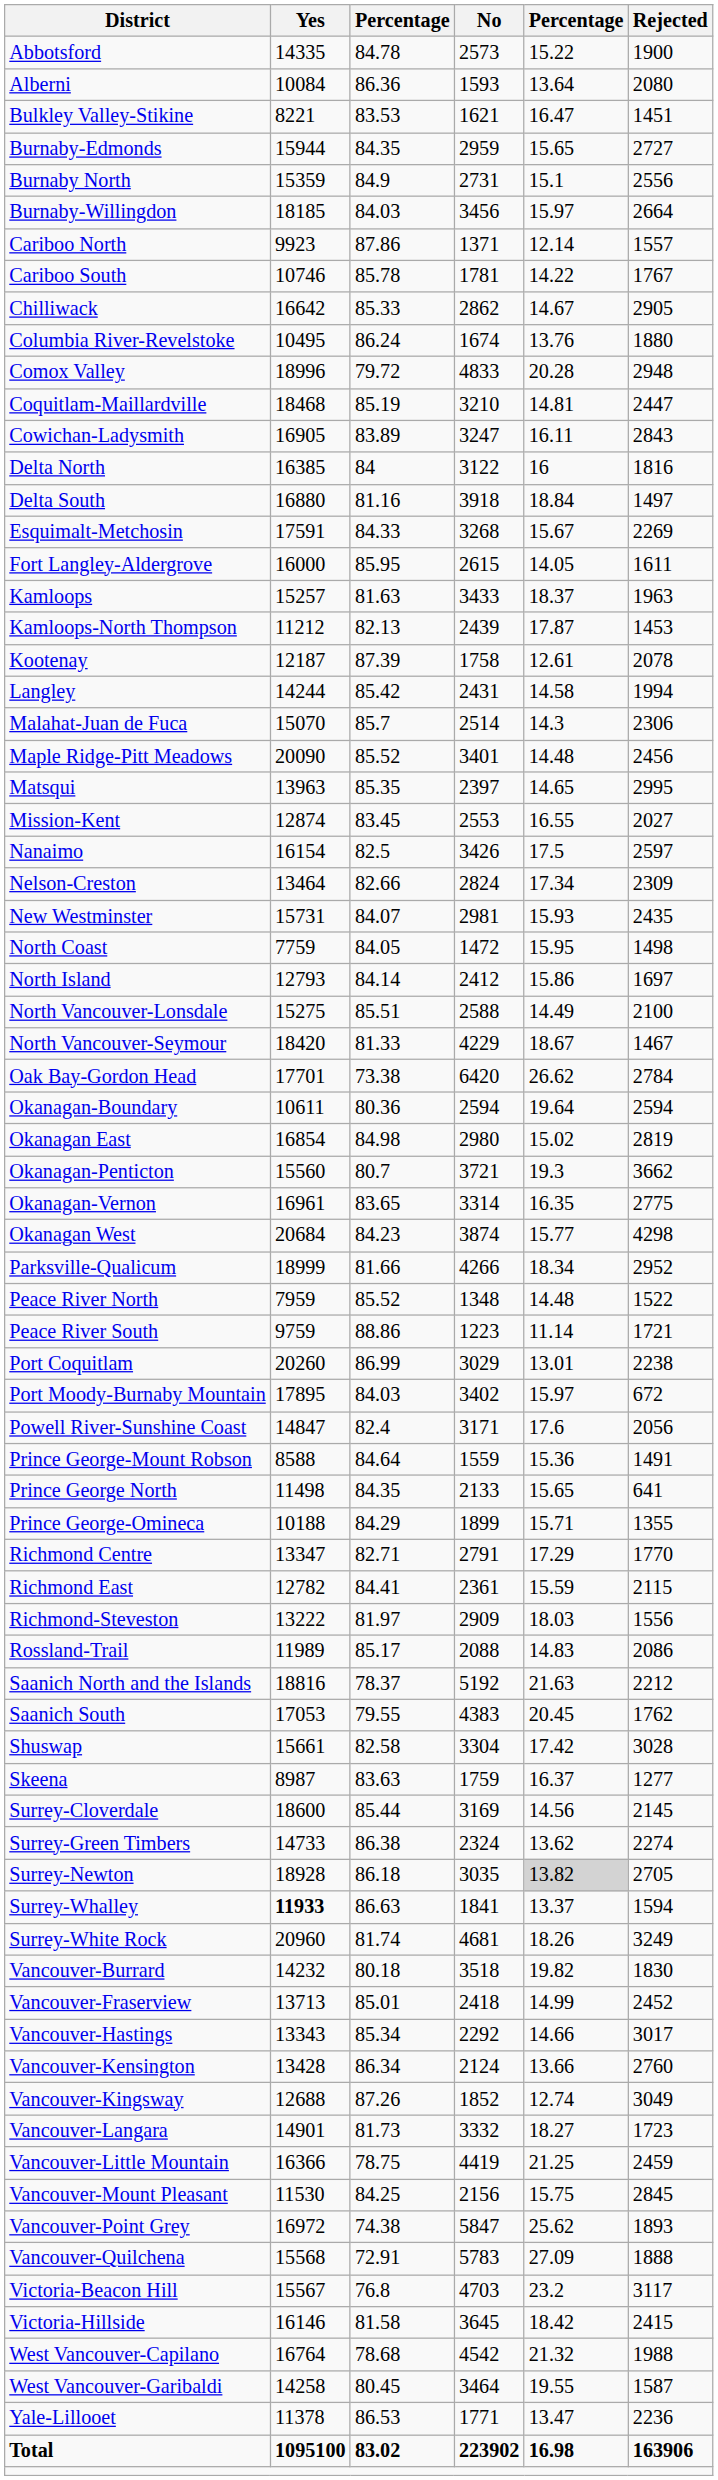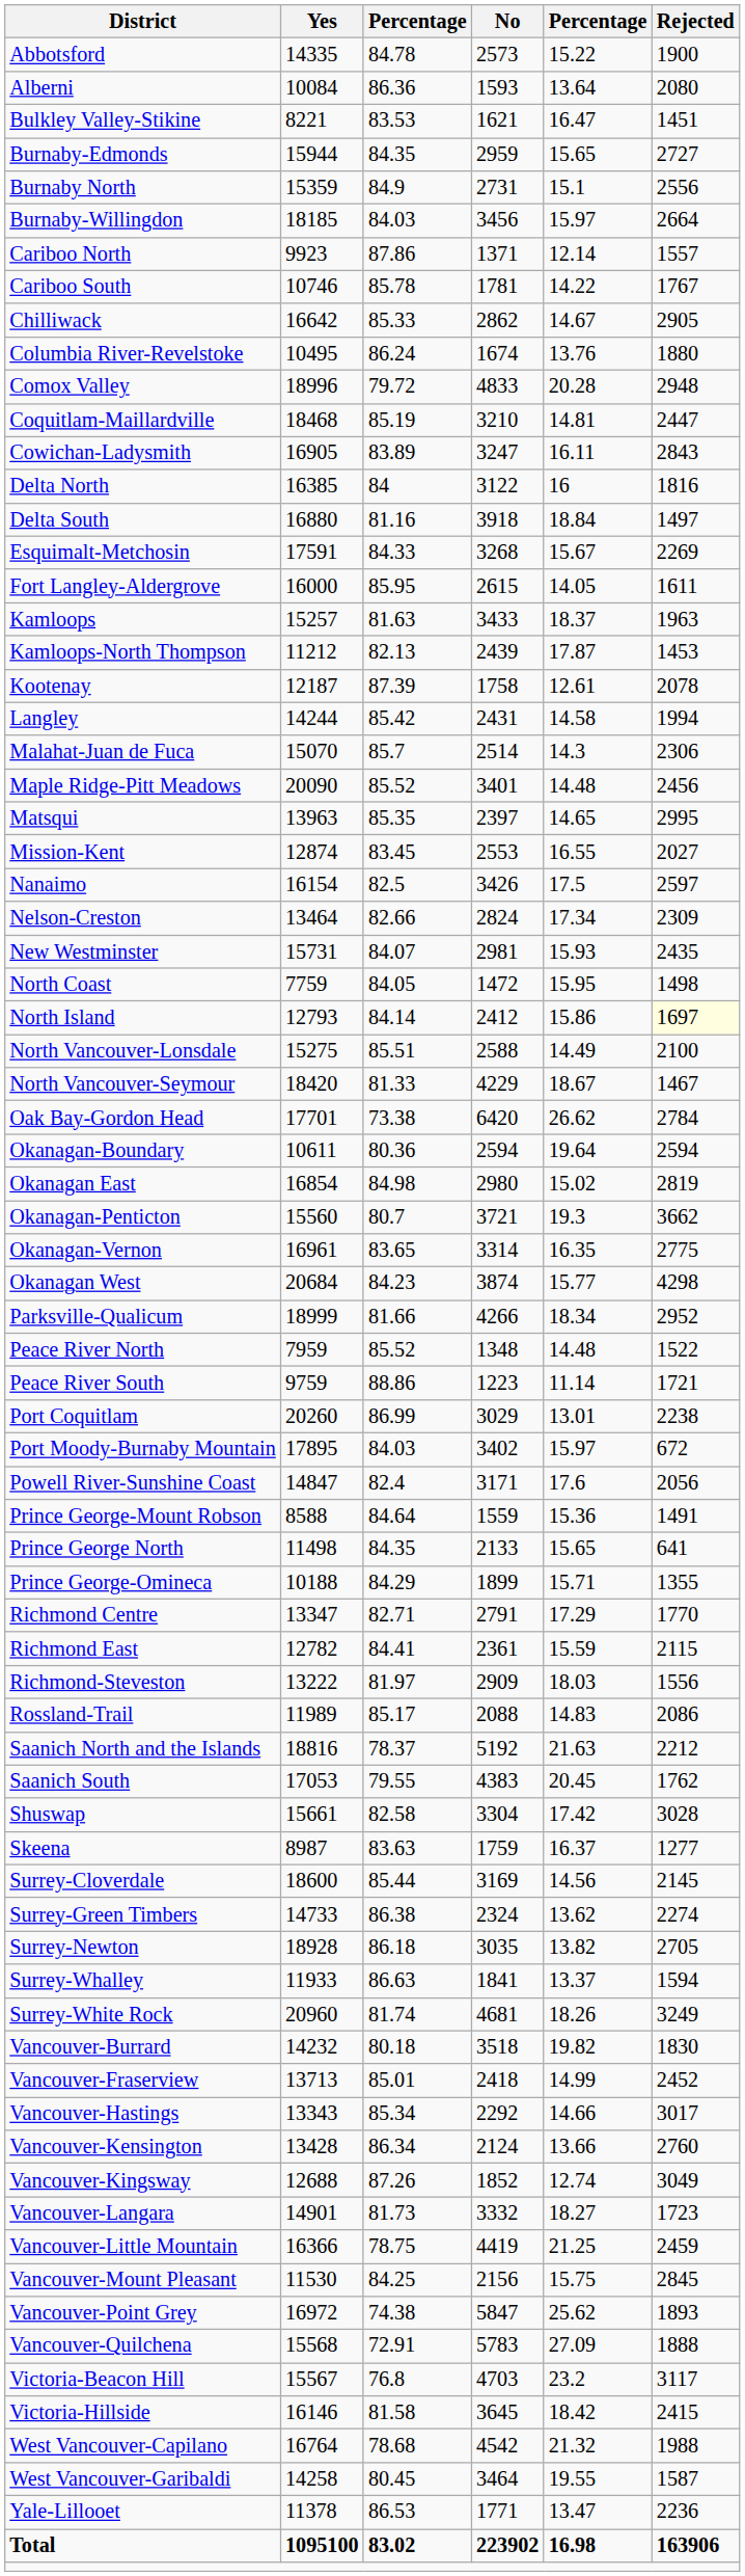 <table class="wikitable">
 <tr>
 <th>District</th>
 <th>Yes</th>
 <th>Percentage</th>
 <th>No</th>
 <th>Percentage</th>
 <th>Rejected</th>
 </tr>
 <tr>
 <td><a href='#'>Abbotsford</a></td>
 <td>14335</td>
 <td>84.78</td>
 <td>2573</td>
 <td>15.22</td>
 <td>1900</td>
 </tr>
 <tr>
 <td><a href='#'>Alberni</a></td>
 <td>10084</td>
 <td>86.36</td>
 <td>1593</td>
 <td>13.64</td>
 <td>2080</td>
 </tr>
 <tr>
 <td><a href='#'>Bulkley Valley-Stikine</a></td>
 <td>8221</td>
 <td>83.53</td>
 <td>1621</td>
 <td>16.47</td>
 <td>1451</td>
 </tr>
 <tr>
 <td><a href='#'>Burnaby-Edmonds</a></td>
 <td>15944</td>
 <td>84.35</td>
 <td>2959</td>
 <td>15.65</td>
 <td>2727</td>
 </tr>
 <tr>
 <td><a href='#'>Burnaby North</a></td>
 <td>15359</td>
 <td>84.9</td>
 <td>2731</td>
 <td>15.1</td>
 <td>2556</td>
 </tr>
 <tr>
 <td><a href='#'>Burnaby-Willingdon</a></td>
 <td>18185</td>
 <td>84.03</td>
 <td>3456</td>
 <td>15.97</td>
 <td>2664</td>
 </tr>
 <tr>
 <td><a href='#'>Cariboo North</a></td>
 <td>9923</td>
 <td>87.86</td>
 <td>1371</td>
 <td>12.14</td>
 <td>1557</td>
 </tr>
 <tr>
 <td><a href='#'>Cariboo South</a></td>
 <td>10746</td>
 <td>85.78</td>
 <td>1781</td>
 <td>14.22</td>
 <td>1767</td>
 </tr>
 <tr>
 <td><a href='#'>Chilliwack</a></td>
 <td>16642</td>
 <td>85.33</td>
 <td>2862</td>
 <td>14.67</td>
 <td>2905</td>
 </tr>
 <tr>
 <td><a href='#'>Columbia River-Revelstoke</a></td>
 <td>10495</td>
 <td>86.24</td>
 <td>1674</td>
 <td>13.76</td>
 <td>1880</td>
 </tr>
 <tr>
 <td><a href='#'>Comox Valley</a></td>
 <td>18996</td>
 <td>79.72</td>
 <td>4833</td>
 <td>20.28</td>
 <td>2948</td>
 </tr>
 <tr>
 <td><a href='#'>Coquitlam-Maillardville</a></td>
 <td>18468</td>
 <td>85.19</td>
 <td>3210</td>
 <td>14.81</td>
 <td>2447</td>
 </tr>
 <tr>
 <td><a href='#'>Cowichan-Ladysmith</a></td>
 <td>16905</td>
 <td>83.89</td>
 <td>3247</td>
 <td>16.11</td>
 <td>2843</td>
 </tr>
 <tr>
 <td><a href='#'>Delta North</a></td>
 <td>16385</td>
 <td>84</td>
 <td>3122</td>
 <td>16</td>
 <td>1816</td>
 </tr>
 <tr>
 <td><a href='#'>Delta South</a></td>
 <td>16880</td>
 <td>81.16</td>
 <td>3918</td>
 <td>18.84</td>
 <td>1497</td>
 </tr>
 <tr>
 <td><a href='#'>Esquimalt-Metchosin</a></td>
 <td>17591</td>
 <td>84.33</td>
 <td>3268</td>
 <td>15.67</td>
 <td>2269</td>
 </tr>
 <tr>
 <td><a href='#'>Fort Langley-Aldergrove</a></td>
 <td>16000</td>
 <td>85.95</td>
 <td>2615</td>
 <td>14.05</td>
 <td>1611</td>
 </tr>
 <tr>
 <td><a href='#'>Kamloops</a></td>
 <td>15257</td>
 <td>81.63</td>
 <td>3433</td>
 <td>18.37</td>
 <td>1963</td>
 </tr>
 <tr>
 <td><a href='#'>Kamloops-North Thompson</a></td>
 <td>11212</td>
 <td>82.13</td>
 <td>2439</td>
 <td>17.87</td>
 <td>1453</td>
 </tr>
 <tr>
 <td><a href='#'>Kootenay</a></td>
 <td>12187</td>
 <td>87.39</td>
 <td>1758</td>
 <td>12.61</td>
 <td>2078</td>
 </tr>
 <tr>
 <td><a href='#'>Langley</a></td>
 <td>14244</td>
 <td>85.42</td>
 <td>2431</td>
 <td>14.58</td>
 <td>1994</td>
 </tr>
 <tr>
 <td><a href='#'>Malahat-Juan de Fuca</a></td>
 <td>15070</td>
 <td>85.7</td>
 <td>2514</td>
 <td>14.3</td>
 <td>2306</td>
 </tr>
 <tr>
 <td><a href='#'>Maple Ridge-Pitt Meadows</a></td>
 <td>20090</td>
 <td>85.52</td>
 <td>3401</td>
 <td>14.48</td>
 <td>2456</td>
 </tr>
 <tr>
 <td><a href='#'>Matsqui</a></td>
 <td>13963</td>
 <td>85.35</td>
 <td>2397</td>
 <td>14.65</td>
 <td>2995</td>
 </tr>
 <tr>
 <td><a href='#'>Mission-Kent</a></td>
 <td>12874</td>
 <td>83.45</td>
 <td>2553</td>
 <td>16.55</td>
 <td>2027</td>
 </tr>
 <tr>
 <td><a href='#'>Nanaimo</a></td>
 <td>16154</td>
 <td>82.5</td>
 <td>3426</td>
 <td>17.5</td>
 <td>2597</td>
 </tr>
 <tr>
 <td><a href='#'>Nelson-Creston</a></td>
 <td>13464</td>
 <td>82.66</td>
 <td>2824</td>
 <td>17.34</td>
 <td>2309</td>
 </tr>
 <tr>
 <td><a href='#'>New Westminster</a></td>
 <td>15731</td>
 <td>84.07</td>
 <td>2981</td>
 <td>15.93</td>
 <td>2435</td>
 </tr>
 <tr>
 <td><a href='#'>North Coast</a></td>
 <td>7759</td>
 <td>84.05</td>
 <td>1472</td>
 <td>15.95</td>
 <td>1498</td>
 </tr>
 <tr>
 <td><a href='#'>North Island</a></td>
 <td>12793</td>
 <td>84.14</td>
 <td>2412</td>
 <td>15.86</td>
-<td>1697</td>
+<td style="background: lightyellow;">1697</td>
 </tr>
 <tr>
 <td><a href='#'>North Vancouver-Lonsdale</a></td>
 <td>15275</td>
 <td>85.51</td>
 <td>2588</td>
 <td>14.49</td>
 <td>2100</td>
 </tr>
 <tr>
 <td><a href='#'>North Vancouver-Seymour</a></td>
 <td>18420</td>
 <td>81.33</td>
 <td>4229</td>
 <td>18.67</td>
 <td>1467</td>
 </tr>
 <tr>
 <td><a href='#'>Oak Bay-Gordon Head</a></td>
 <td>17701</td>
 <td>73.38</td>
 <td>6420</td>
 <td>26.62</td>
 <td>2784</td>
 </tr>
 <tr>
 <td><a href='#'>Okanagan-Boundary</a></td>
 <td>10611</td>
 <td>80.36</td>
 <td>2594</td>
 <td>19.64</td>
 <td>2594</td>
 </tr>
 <tr>
 <td><a href='#'>Okanagan East</a></td>
 <td>16854</td>
 <td>84.98</td>
 <td>2980</td>
 <td>15.02</td>
 <td>2819</td>
 </tr>
 <tr>
 <td><a href='#'>Okanagan-Penticton</a></td>
 <td>15560</td>
 <td>80.7</td>
 <td>3721</td>
 <td>19.3</td>
 <td>3662</td>
 </tr>
 <tr>
 <td><a href='#'>Okanagan-Vernon</a></td>
 <td>16961</td>
 <td>83.65</td>
 <td>3314</td>
 <td>16.35</td>
 <td>2775</td>
 </tr>
 <tr>
 <td><a href='#'>Okanagan West</a></td>
 <td>20684</td>
 <td>84.23</td>
 <td>3874</td>
 <td>15.77</td>
 <td>4298</td>
 </tr>
 <tr>
 <td><a href='#'>Parksville-Qualicum</a></td>
 <td>18999</td>
 <td>81.66</td>
 <td>4266</td>
 <td>18.34</td>
 <td>2952</td>
 </tr>
 <tr>
 <td><a href='#'>Peace River North</a></td>
 <td>7959</td>
 <td>85.52</td>
 <td>1348</td>
 <td>14.48</td>
 <td>1522</td>
 </tr>
 <tr>
 <td><a href='#'>Peace River South</a></td>
 <td>9759</td>
 <td>88.86</td>
 <td>1223</td>
 <td>11.14</td>
 <td>1721</td>
 </tr>
 <tr>
 <td><a href='#'>Port Coquitlam</a></td>
 <td>20260</td>
 <td>86.99</td>
 <td>3029</td>
 <td>13.01</td>
 <td>2238</td>
 </tr>
 <tr>
 <td><a href='#'>Port Moody-Burnaby Mountain</a></td>
 <td>17895</td>
 <td>84.03</td>
 <td>3402</td>
 <td>15.97</td>
 <td>672</td>
 </tr>
 <tr>
 <td><a href='#'>Powell River-Sunshine Coast</a></td>
 <td>14847</td>
 <td>82.4</td>
 <td>3171</td>
 <td>17.6</td>
 <td>2056</td>
 </tr>
 <tr>
 <td><a href='#'>Prince George-Mount Robson</a></td>
 <td>8588</td>
 <td>84.64</td>
 <td>1559</td>
 <td>15.36</td>
 <td>1491</td>
 </tr>
 <tr>
 <td><a href='#'>Prince George North</a></td>
 <td>11498</td>
 <td>84.35</td>
 <td>2133</td>
 <td>15.65</td>
 <td>641</td>
 </tr>
 <tr>
 <td><a href='#'>Prince George-Omineca</a></td>
 <td>10188</td>
 <td>84.29</td>
 <td>1899</td>
 <td>15.71</td>
 <td>1355</td>
 </tr>
 <tr>
 <td><a href='#'>Richmond Centre</a></td>
 <td>13347</td>
 <td>82.71</td>
 <td>2791</td>
 <td>17.29</td>
 <td>1770</td>
 </tr>
 <tr>
 <td><a href='#'>Richmond East</a></td>
 <td>12782</td>
 <td>84.41</td>
 <td>2361</td>
 <td>15.59</td>
 <td>2115</td>
 </tr>
 <tr>
 <td><a href='#'>Richmond-Steveston</a></td>
 <td>13222</td>
 <td>81.97</td>
 <td>2909</td>
 <td>18.03</td>
 <td>1556</td>
 </tr>
 <tr>
 <td><a href='#'>Rossland-Trail</a></td>
 <td>11989</td>
 <td>85.17</td>
 <td>2088</td>
 <td>14.83</td>
 <td>2086</td>
 </tr>
 <tr>
 <td><a href='#'>Saanich North and the Islands</a></td>
 <td>18816</td>
 <td>78.37</td>
 <td>5192</td>
 <td>21.63</td>
 <td>2212</td>
 </tr>
 <tr>
 <td><a href='#'>Saanich South</a></td>
 <td>17053</td>
 <td>79.55</td>
 <td>4383</td>
 <td>20.45</td>
 <td>1762</td>
 </tr>
 <tr>
 <td><a href='#'>Shuswap</a></td>
 <td>15661</td>
 <td>82.58</td>
 <td>3304</td>
 <td>17.42</td>
 <td>3028</td>
 </tr>
 <tr>
 <td><a href='#'>Skeena</a></td>
 <td>8987</td>
 <td>83.63</td>
 <td>1759</td>
 <td>16.37</td>
 <td>1277</td>
 </tr>
 <tr>
 <td><a href='#'>Surrey-Cloverdale</a></td>
 <td>18600</td>
 <td>85.44</td>
 <td>3169</td>
 <td>14.56</td>
 <td>2145</td>
 </tr>
 <tr>
 <td><a href='#'>Surrey-Green Timbers</a></td>
 <td>14733</td>
 <td>86.38</td>
 <td>2324</td>
 <td>13.62</td>
 <td>2274</td>
 </tr>
 <tr>
 <td><a href='#'>Surrey-Newton</a></td>
 <td>18928</td>
 <td>86.18</td>
 <td>3035</td>
-<td style="background: lightgrey;">13.82</td>
+<td>13.82</td>
 <td>2705</td>
 </tr>
 <tr>
 <td><a href='#'>Surrey-Whalley</a></td>
-<td><strong>11933</strong></td>
+<td>11933</td>
 <td>86.63</td>
 <td>1841</td>
 <td>13.37</td>
 <td>1594</td>
 </tr>
 <tr>
 <td><a href='#'>Surrey-White Rock</a></td>
 <td>20960</td>
 <td>81.74</td>
 <td>4681</td>
 <td>18.26</td>
 <td>3249</td>
 </tr>
 <tr>
 <td><a href='#'>Vancouver-Burrard</a></td>
 <td>14232</td>
 <td>80.18</td>
 <td>3518</td>
 <td>19.82</td>
 <td>1830</td>
 </tr>
 <tr>
 <td><a href='#'>Vancouver-Fraserview</a></td>
 <td>13713</td>
 <td>85.01</td>
 <td>2418</td>
 <td>14.99</td>
 <td>2452</td>
 </tr>
 <tr>
 <td><a href='#'>Vancouver-Hastings</a></td>
 <td>13343</td>
 <td>85.34</td>
 <td>2292</td>
 <td>14.66</td>
 <td>3017</td>
 </tr>
 <tr>
 <td><a href='#'>Vancouver-Kensington</a></td>
 <td>13428</td>
 <td>86.34</td>
 <td>2124</td>
 <td>13.66</td>
 <td>2760</td>
 </tr>
 <tr>
 <td><a href='#'>Vancouver-Kingsway</a></td>
 <td>12688</td>
 <td>87.26</td>
 <td>1852</td>
 <td>12.74</td>
 <td>3049</td>
 </tr>
 <tr>
 <td><a href='#'>Vancouver-Langara</a></td>
 <td>14901</td>
 <td>81.73</td>
 <td>3332</td>
 <td>18.27</td>
 <td>1723</td>
 </tr>
 <tr>
 <td><a href='#'>Vancouver-Little Mountain</a></td>
 <td>16366</td>
 <td>78.75</td>
 <td>4419</td>
 <td>21.25</td>
 <td>2459</td>
 </tr>
 <tr>
 <td><a href='#'>Vancouver-Mount Pleasant</a></td>
 <td>11530</td>
 <td>84.25</td>
 <td>2156</td>
 <td>15.75</td>
 <td>2845</td>
 </tr>
 <tr>
 <td><a href='#'>Vancouver-Point Grey</a></td>
 <td>16972</td>
 <td>74.38</td>
 <td>5847</td>
 <td>25.62</td>
 <td>1893</td>
 </tr>
 <tr>
 <td><a href='#'>Vancouver-Quilchena</a></td>
 <td>15568</td>
 <td>72.91</td>
 <td>5783</td>
 <td>27.09</td>
 <td>1888</td>
 </tr>
 <tr>
 <td><a href='#'>Victoria-Beacon Hill</a></td>
 <td>15567</td>
 <td>76.8</td>
 <td>4703</td>
 <td>23.2</td>
 <td>3117</td>
 </tr>
 <tr>
 <td><a href='#'>Victoria-Hillside</a></td>
 <td>16146</td>
 <td>81.58</td>
 <td>3645</td>
 <td>18.42</td>
 <td>2415</td>
 </tr>
 <tr>
 <td><a href='#'>West Vancouver-Capilano</a></td>
 <td>16764</td>
 <td>78.68</td>
 <td>4542</td>
 <td>21.32</td>
 <td>1988</td>
 </tr>
 <tr>
 <td><a href='#'>West Vancouver-Garibaldi</a></td>
 <td>14258</td>
 <td>80.45</td>
 <td>3464</td>
 <td>19.55</td>
 <td>1587</td>
 </tr>
 <tr>
 <td><a href='#'>Yale-Lillooet</a></td>
 <td>11378</td>
 <td>86.53</td>
 <td>1771</td>
 <td>13.47</td>
 <td>2236</td>
 </tr>
 <tr>
 <td><strong>Total</strong></td>
 <td><strong>1095100</strong></td>
 <td><strong>83.02</strong></td>
 <td><strong>223902</strong></td>
 <td><strong>16.98</strong></td>
 <td><strong>163906</strong></td>
 </tr>
 <tr>
 <td colspan=6></td>
 </tr>
 </table>
